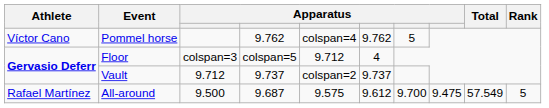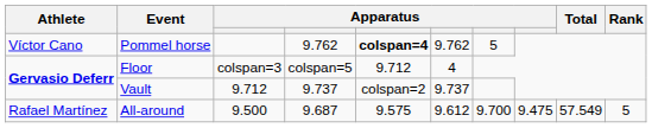 <table class="wikitable" style="font-size:90%">
 <tr>
 <th rowspan=2>Athlete</th>
 <th rowspan=2>Event</th>
 <th colspan =6>Apparatus</th>
 <th rowspan=2>Total</th>
 <th rowspan=2>Rank</th>
 </tr>
 <tr style="font-size:95%">
 <th></th>
 <th></th>
 <th></th>
 <th></th>
 <th></th>
 <th></th>
 </tr>
 <tr align=center>
 <td align=left><a href='#'>Víctor Cano</a></td>
 <td align=left><a href='#'>Pommel horse</a></td>
 <td></td>
 <td>9.762</td>
-<td>colspan=4 </td>
+<td><strong>colspan=4 </strong></td>
 <td>9.762</td>
 <td>5</td>
 </tr>
 <tr align=center>
 <td align=left rowspan=2><strong><a href='#'>Gervasio Deferr</a></strong></td>
 <td align=left><a href='#'>Floor</a></td>
 <td>colspan=3 </td>
 <td>colspan=5 </td>
 <td>9.712</td>
 <td>4</td>
 </tr>
 <tr align=center>
 <td align=left><a href='#'>Vault</a></td>
 <td>9.712</td>
 <td>9.737</td>
 <td>colspan=2 </td>
 <td>9.737</td>
 <td></td>
 </tr>
 <tr align=center>
 <td align=left><a href='#'>Rafael Martínez</a></td>
 <td align=left><a href='#'>All-around</a></td>
 <td>9.500</td>
 <td>9.687</td>
 <td>9.575</td>
 <td>9.612</td>
 <td>9.700</td>
 <td>9.475</td>
 <td>57.549</td>
 <td>5</td>
 </tr>
 </table>
